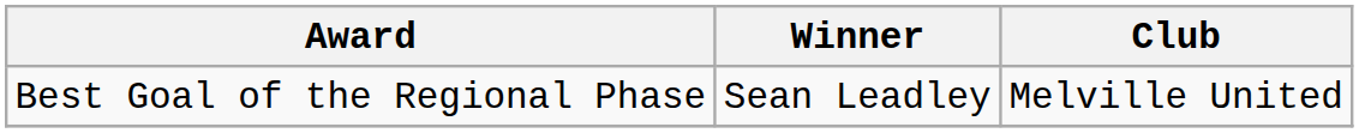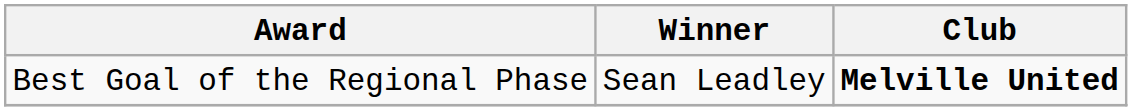 <table class="wikitable">
 <tr>
 <th>Award</th>
 <th>Winner</th>
 <th>Club</th>
 </tr>
 <tr>
 <td>Best Goal of the Regional Phase</td>
 <td> Sean Leadley</td>
-<td>Melville United</td>
+<td><strong>Melville United</strong></td>
 </tr>
 <tr>
 </tr>
 </table>
